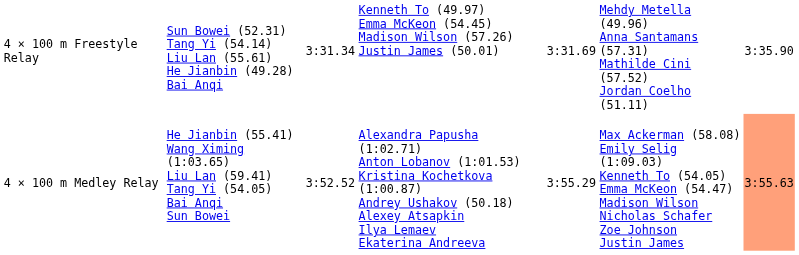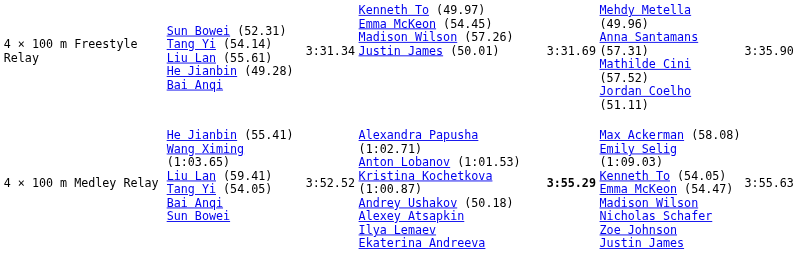 <table>
 <tr>
 <td>4 × 100 m Freestyle Relay<br></td>
 <td><br><a href='#'>Sun Bowei</a> (52.31)<br><a href='#'>Tang Yi</a> (54.14)<br><a href='#'>Liu Lan</a> (55.61)<br><a href='#'>He Jianbin</a> (49.28)<br><a href='#'>Bai Anqi</a></td>
 <td>3:31.34</td>
 <td valign=top><br><a href='#'>Kenneth To</a> (49.97)<br><a href='#'>Emma McKeon</a> (54.45)<br><a href='#'>Madison Wilson</a> (57.26)<br><a href='#'>Justin James</a> (50.01)</td>
 <td>3:31.69</td>
 <td valign=top><br><a href='#'>Mehdy Metella</a> (49.96)<br><a href='#'>Anna Santamans</a> (57.31)<br><a href='#'>Mathilde Cini</a> (57.52)<br><a href='#'>Jordan Coelho</a> (51.11)</td>
 <td>3:35.90</td>
 </tr>
 <tr>
 <td>4 × 100 m Medley Relay<br></td>
 <td valign=top><br><a href='#'>He Jianbin</a> (55.41)<br><a href='#'>Wang Ximing</a> (1:03.65)<br><a href='#'>Liu Lan</a> (59.41)<br><a href='#'>Tang Yi</a> (54.05)<br><a href='#'>Bai Anqi</a><br><a href='#'>Sun Bowei</a></td>
 <td>3:52.52</td>
 <td valign=top><br><a href='#'>Alexandra Papusha</a> (1:02.71)<br><a href='#'>Anton Lobanov</a> (1:01.53)<br><a href='#'>Kristina Kochetkova</a> (1:00.87)<br><a href='#'>Andrey Ushakov</a> (50.18)<br><a href='#'>Alexey Atsapkin</a><br><a href='#'>Ilya Lemaev</a><br><a href='#'>Ekaterina Andreeva</a></td>
-<td>3:55.29</td>
+<td><strong>3:55.29</strong></td>
 <td><br><a href='#'>Max Ackerman</a> (58.08)<br><a href='#'>Emily Selig</a> (1:09.03)<br><a href='#'>Kenneth To</a> (54.05)<br><a href='#'>Emma McKeon</a> (54.47)<br><a href='#'>Madison Wilson</a><br><a href='#'>Nicholas Schafer</a><br><a href='#'>Zoe Johnson</a><br><a href='#'>Justin James</a></td>
-<td style="background: lightsalmon;">3:55.63</td>
+<td>3:55.63</td>
 </tr>
 </table>
